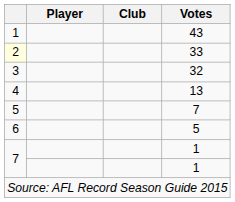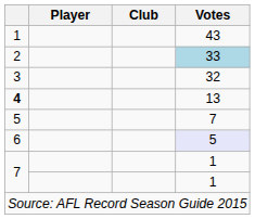 <table class="wikitable sortable" style="text-align:center">
 <tr>
 <th></th>
 <th>Player</th>
 <th>Club</th>
 <th>Votes</th>
 </tr>
 <tr>
 <td>1</td>
 <td></td>
 <td></td>
 <td>43</td>
 </tr>
 <tr>
-<td style="background: lightyellow;">2</td>
+<td>2</td>
 <td></td>
 <td></td>
-<td>33</td>
+<td style="background: lightblue;">33</td>
 </tr>
 <tr>
 <td>3</td>
 <td></td>
 <td></td>
 <td>32</td>
 </tr>
 <tr>
-<td>4</td>
+<td><strong>4</strong></td>
 <td></td>
 <td></td>
 <td>13</td>
 </tr>
 <tr>
 <td>5</td>
 <td></td>
 <td></td>
 <td>7</td>
 </tr>
 <tr>
 <td>6</td>
 <td></td>
 <td></td>
-<td>5</td>
+<td style="background: lavender;">5</td>
 </tr>
 <tr>
 <td rowspan=2>7</td>
 <td></td>
 <td></td>
 <td>1</td>
 </tr>
 <tr>
 <td></td>
 <td></td>
 <td>1</td>
 </tr>
 <tr class="sortbottom">
 <td colspan=4><em>Source: AFL Record Season Guide 2015</em></td>
 </tr>
 </table>
